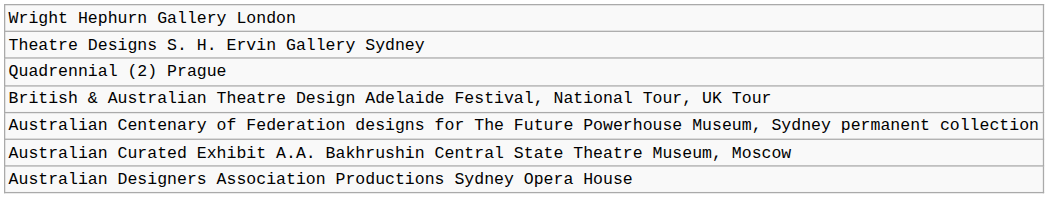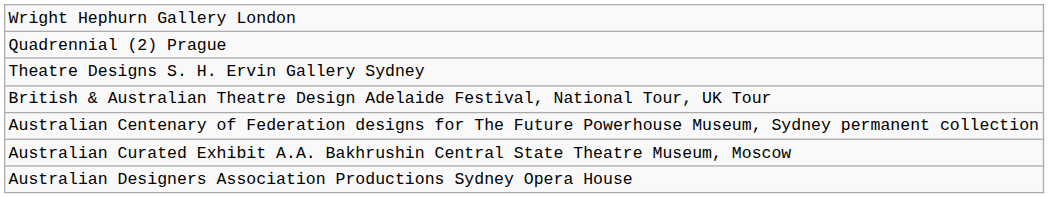 <table class="wikitable">
 <tr>
 <td>Wright  Hephurn Gallery London</td>
 </tr>
 <tr>
-<td>Theatre Designs S. H.  Ervin Gallery Sydney</td>
+<td>Quadrennial (2) Prague</td>
 </tr>
 <tr>
-<td>Quadrennial (2) Prague</td>
+<td>Theatre Designs S. H.  Ervin Gallery Sydney</td>
 </tr>
 <tr>
 <td>British & Australian  Theatre Design Adelaide Festival, National Tour, UK Tour</td>
 </tr>
 <tr>
 <td>Australian Centenary of  Federation designs for The Future Powerhouse Museum, Sydney permanent  collection</td>
 </tr>
 <tr>
 <td>Australian Curated  Exhibit A.A. Bakhrushin Central State Theatre Museum, Moscow</td>
 </tr>
 <tr>
 <td>Australian Designers  Association Productions Sydney Opera House</td>
 </tr>
 </table>
